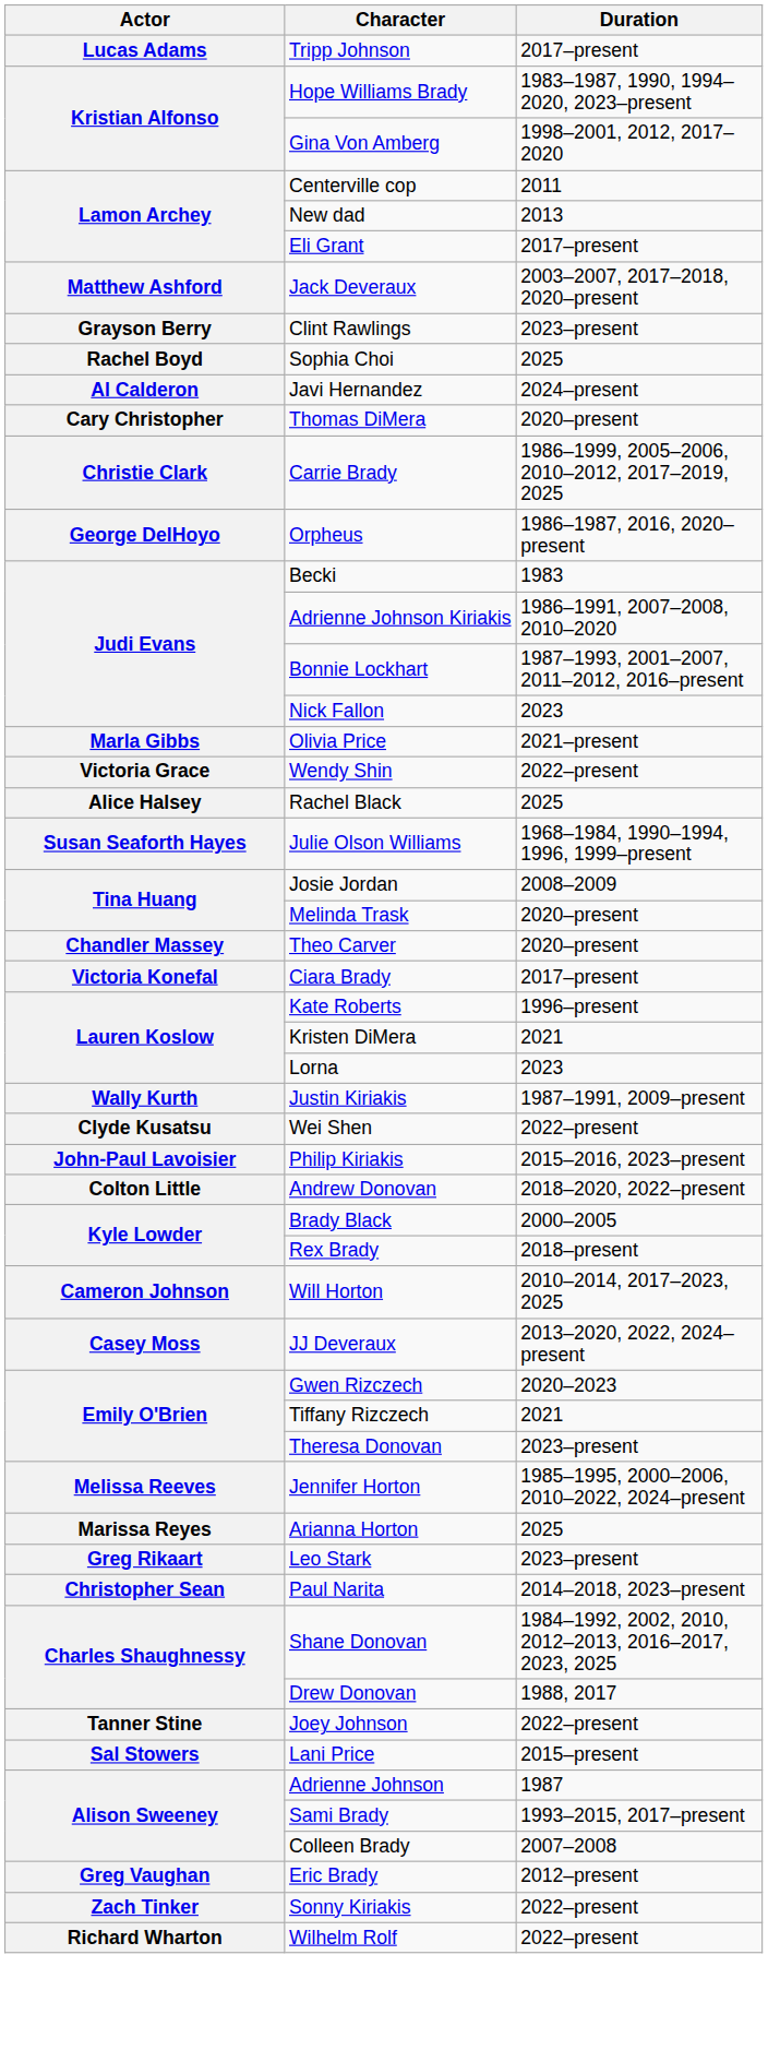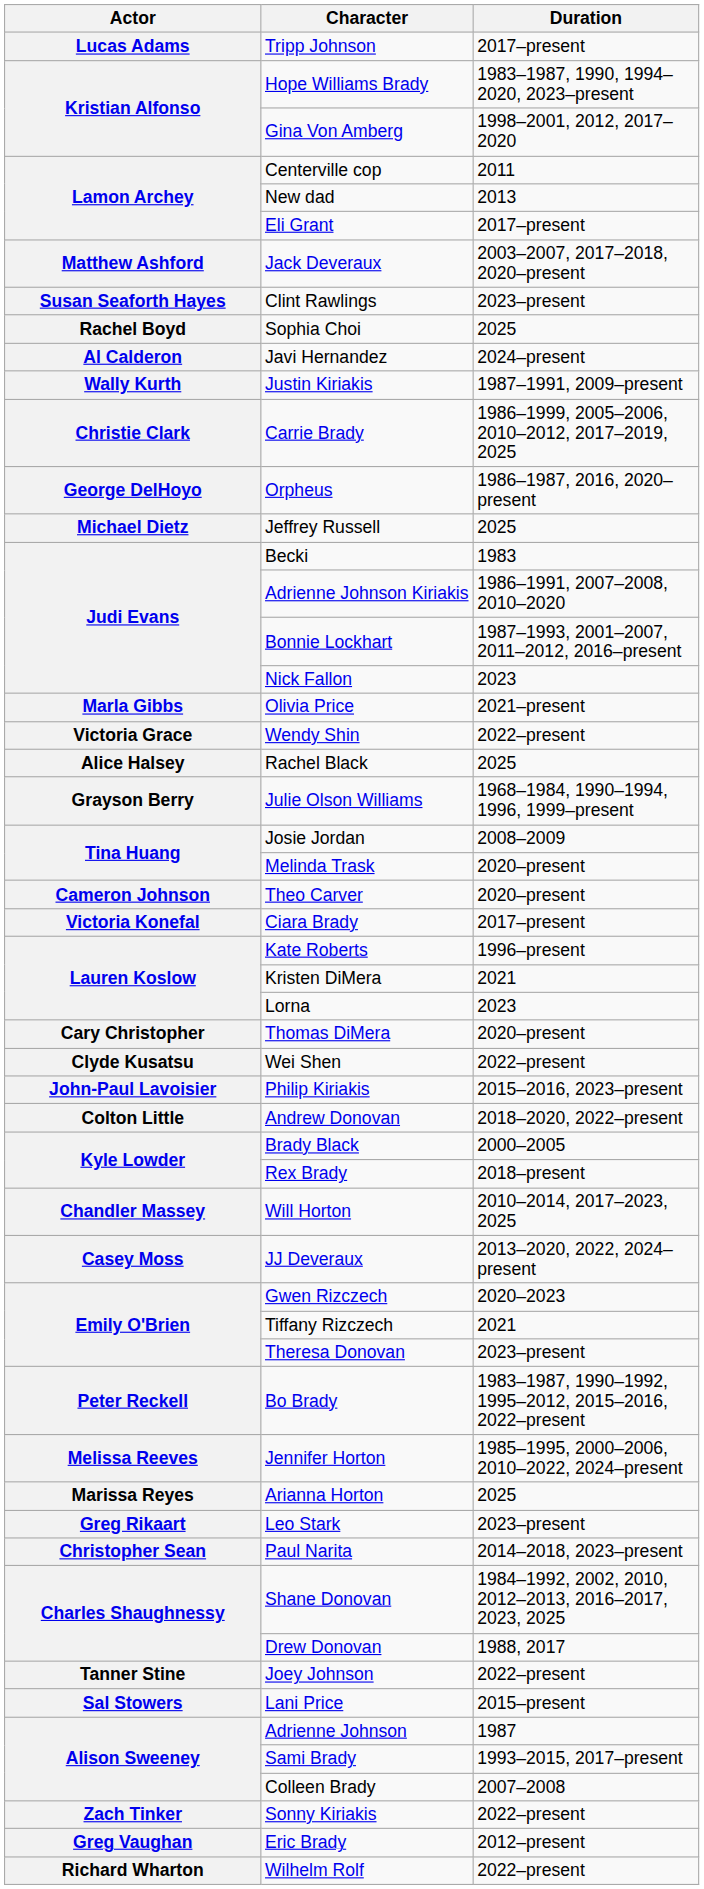 <table class="wikitable plainrowheaders sortable" style="width:50%;">
 <tr>
 <th scope="col" style="width:35em;">Actor</th>
 <th scope="col" style="width:30em;">Character</th>
 <th scope="col" style="width:35em;">Duration</th>
 </tr>
 <tr>
 <th scope=row><a href='#'>Lucas Adams</a></th>
 <td><a href='#'>Tripp Johnson</a></td>
 <td>2017–present</td>
 </tr>
 <tr>
 <th scope="row" rowspan="2"><a href='#'>Kristian Alfonso</a></th>
 <td><a href='#'>Hope Williams Brady</a></td>
 <td>1983–1987, 1990, 1994–2020, 2023–present</td>
 </tr>
 <tr>
 <td><a href='#'>Gina Von Amberg</a></td>
 <td>1998–2001, 2012, 2017–2020</td>
 </tr>
 <tr>
 <th scope="row" rowspan="3"><a href='#'>Lamon Archey</a></th>
 <td>Centerville cop</td>
 <td>2011</td>
 </tr>
 <tr>
 <td>New dad</td>
 <td>2013</td>
 </tr>
 <tr>
 <td><a href='#'>Eli Grant</a></td>
 <td>2017–present</td>
 </tr>
 <tr>
 <th scope="row"><a href='#'>Matthew Ashford</a></th>
 <td><a href='#'>Jack Deveraux</a></td>
 <td>2003–2007, 2017–2018, 2020–present</td>
 </tr>
 <tr>
-<th scope="row">Grayson Berry</th>
+<th scope="row"><a href='#'>Susan Seaforth Hayes</a></th>
 <td>Clint Rawlings</td>
 <td>2023–present</td>
 </tr>
 <tr>
 <th scope="row">Rachel Boyd</th>
 <td>Sophia Choi</td>
 <td>2025</td>
 </tr>
 <tr>
 <th scope="row"><a href='#'>Al Calderon</a></th>
 <td>Javi Hernandez</td>
 <td>2024–present</td>
 </tr>
 <tr>
-<th scope="row">Cary Christopher</th>
-<td><a href='#'>Thomas DiMera</a></td>
-<td>2020–present</td>
+<th scope="row"><a href='#'>Wally Kurth</a></th>
+<td><a href='#'>Justin Kiriakis</a></td>
+<td>1987–1991, 2009–present</td>
 </tr>
 <tr>
 <th scope="row"><a href='#'>Christie Clark</a></th>
 <td><a href='#'>Carrie Brady</a></td>
 <td>1986–1999, 2005–2006, 2010–2012, 2017–2019, 2025</td>
 </tr>
 <tr>
 <th scope="row"><a href='#'>George DelHoyo</a></th>
 <td><a href='#'>Orpheus</a></td>
 <td>1986–1987, 2016, 2020–present</td>
+</tr>
+<tr>
+<th scope="row"><a href='#'>Michael Dietz</a></th>
+<td>Jeffrey Russell</td>
+<td>2025</td>
 </tr>
 <tr>
 <th scope="row" rowspan="4"><a href='#'>Judi Evans</a></th>
 <td>Becki</td>
 <td>1983</td>
 </tr>
 <tr>
 <td><a href='#'>Adrienne Johnson Kiriakis</a></td>
 <td>1986–1991, 2007–2008, 2010–2020</td>
 </tr>
 <tr>
 <td><a href='#'>Bonnie Lockhart</a></td>
 <td>1987–1993, 2001–2007, 2011–2012, 2016–present</td>
 </tr>
 <tr>
 <td><a href='#'>Nick Fallon</a></td>
 <td>2023</td>
 </tr>
 <tr>
 <th scope="row"><a href='#'>Marla Gibbs</a></th>
 <td><a href='#'>Olivia Price</a></td>
 <td>2021–present</td>
 </tr>
 <tr>
 <th scope=row>Victoria Grace</th>
 <td><a href='#'>Wendy Shin</a></td>
 <td>2022–present</td>
 </tr>
 <tr>
 <th scope="row">Alice Halsey</th>
 <td>Rachel Black</td>
 <td>2025</td>
 </tr>
 <tr>
-<th scope="row"><a href='#'>Susan Seaforth Hayes</a></th>
+<th scope="row">Grayson Berry</th>
 <td><a href='#'>Julie Olson Williams</a></td>
 <td>1968–1984, 1990–1994, 1996, 1999–present</td>
 </tr>
 <tr>
 <th scope="row" rowspan="2"><a href='#'>Tina Huang</a></th>
 <td>Josie Jordan</td>
 <td>2008–2009</td>
 </tr>
 <tr>
 <td><a href='#'>Melinda Trask</a></td>
 <td>2020–present</td>
 </tr>
 <tr>
-<th scope="row"><a href='#'>Chandler Massey</a></th>
+<th scope="row"><a href='#'>Cameron Johnson</a></th>
 <td><a href='#'>Theo Carver</a></td>
 <td>2020–present</td>
 </tr>
 <tr>
 <th scope="row"><a href='#'>Victoria Konefal</a></th>
 <td><a href='#'>Ciara Brady</a></td>
 <td>2017–present</td>
 </tr>
 <tr>
 <th scope="row" rowspan="3"><a href='#'>Lauren Koslow</a></th>
 <td><a href='#'>Kate Roberts</a></td>
 <td>1996–present</td>
 </tr>
 <tr>
 <td>Kristen DiMera</td>
 <td>2021</td>
 </tr>
 <tr>
 <td>Lorna</td>
 <td>2023</td>
 </tr>
 <tr>
-<th scope="row"><a href='#'>Wally Kurth</a></th>
-<td><a href='#'>Justin Kiriakis</a></td>
-<td>1987–1991, 2009–present</td>
+<th scope="row">Cary Christopher</th>
+<td><a href='#'>Thomas DiMera</a></td>
+<td>2020–present</td>
 </tr>
 <tr>
 <th scope="row">Clyde Kusatsu</th>
 <td>Wei Shen</td>
 <td>2022–present</td>
 </tr>
 <tr>
 <th scope="row"><a href='#'>John-Paul Lavoisier</a></th>
 <td><a href='#'>Philip Kiriakis</a></td>
 <td>2015–2016, 2023–present</td>
 </tr>
 <tr>
 <th scope="row">Colton Little</th>
 <td><a href='#'>Andrew Donovan</a></td>
 <td>2018–2020, 2022–present</td>
 </tr>
 <tr>
 <th scope="row" rowspan="2"><a href='#'>Kyle Lowder</a></th>
 <td><a href='#'>Brady Black</a></td>
 <td>2000–2005</td>
 </tr>
 <tr>
 <td><a href='#'>Rex Brady</a></td>
 <td>2018–present</td>
 </tr>
 <tr>
-<th scope="row"><a href='#'>Cameron Johnson</a></th>
+<th scope="row"><a href='#'>Chandler Massey</a></th>
 <td><a href='#'>Will Horton</a></td>
 <td>2010–2014, 2017–2023, 2025</td>
 </tr>
 <tr>
 <th scope="row"><a href='#'>Casey Moss</a></th>
 <td><a href='#'>JJ Deveraux</a></td>
 <td>2013–2020, 2022, 2024–present</td>
 </tr>
 <tr>
 <th scope="row" rowspan="3"><a href='#'>Emily O'Brien</a></th>
 <td><a href='#'>Gwen Rizczech</a></td>
 <td>2020–2023</td>
 </tr>
 <tr>
 <td>Tiffany Rizczech</td>
 <td>2021</td>
 </tr>
 <tr>
 <td><a href='#'>Theresa Donovan</a></td>
 <td>2023–present</td>
+</tr>
+<tr>
+<th scope="row"><a href='#'>Peter Reckell</a></th>
+<td><a href='#'>Bo Brady</a></td>
+<td>1983–1987, 1990–1992, 1995–2012, 2015–2016, 2022–present</td>
 </tr>
 <tr>
 <th scope="row"><a href='#'>Melissa Reeves</a></th>
 <td><a href='#'>Jennifer Horton</a></td>
 <td>1985–1995, 2000–2006, 2010–2022, 2024–present</td>
 </tr>
 <tr>
 <th scope="row">Marissa Reyes</th>
 <td><a href='#'>Arianna Horton</a></td>
 <td>2025</td>
 </tr>
 <tr>
 <th scope="row"><a href='#'>Greg Rikaart</a></th>
 <td><a href='#'>Leo Stark</a></td>
 <td>2023–present</td>
 </tr>
 <tr>
 <th scope="row"><a href='#'>Christopher Sean</a></th>
 <td><a href='#'>Paul Narita</a></td>
 <td>2014–2018, 2023–present</td>
 </tr>
 <tr>
 <th scope="row" rowspan="2"><a href='#'>Charles Shaughnessy</a></th>
 <td><a href='#'>Shane Donovan</a></td>
 <td>1984–1992, 2002, 2010, 2012–2013, 2016–2017, 2023, 2025</td>
 </tr>
 <tr>
 <td><a href='#'>Drew Donovan</a></td>
 <td>1988, 2017</td>
 </tr>
 <tr>
 <th scope="row">Tanner Stine</th>
 <td><a href='#'>Joey Johnson</a></td>
 <td>2022–present</td>
 </tr>
 <tr>
 <th scope="row"><a href='#'>Sal Stowers</a></th>
 <td><a href='#'>Lani Price</a></td>
 <td>2015–present</td>
 </tr>
 <tr>
 <th scope="row" rowspan="3"><a href='#'>Alison Sweeney</a></th>
 <td><a href='#'>Adrienne Johnson</a></td>
 <td>1987</td>
 </tr>
 <tr>
 <td><a href='#'>Sami Brady</a></td>
 <td>1993–2015, 2017–present</td>
 </tr>
 <tr>
 <td>Colleen Brady</td>
 <td>2007–2008</td>
 </tr>
 <tr>
+<th scope="row"><a href='#'>Zach Tinker</a></th>
+<td><a href='#'>Sonny Kiriakis</a></td>
+<td>2022–present</td>
+</tr>
+<tr>
 <th scope="row"><a href='#'>Greg Vaughan</a></th>
 <td><a href='#'>Eric Brady</a></td>
 <td>2012–present</td>
-</tr>
-<tr>
-<th scope="row"><a href='#'>Zach Tinker</a></th>
-<td><a href='#'>Sonny Kiriakis</a></td>
-<td>2022–present</td>
 </tr>
 <tr>
 <th scope="row">Richard Wharton</th>
 <td><a href='#'>Wilhelm Rolf</a></td>
 <td>2022–present</td>
 </tr>
 </table>
